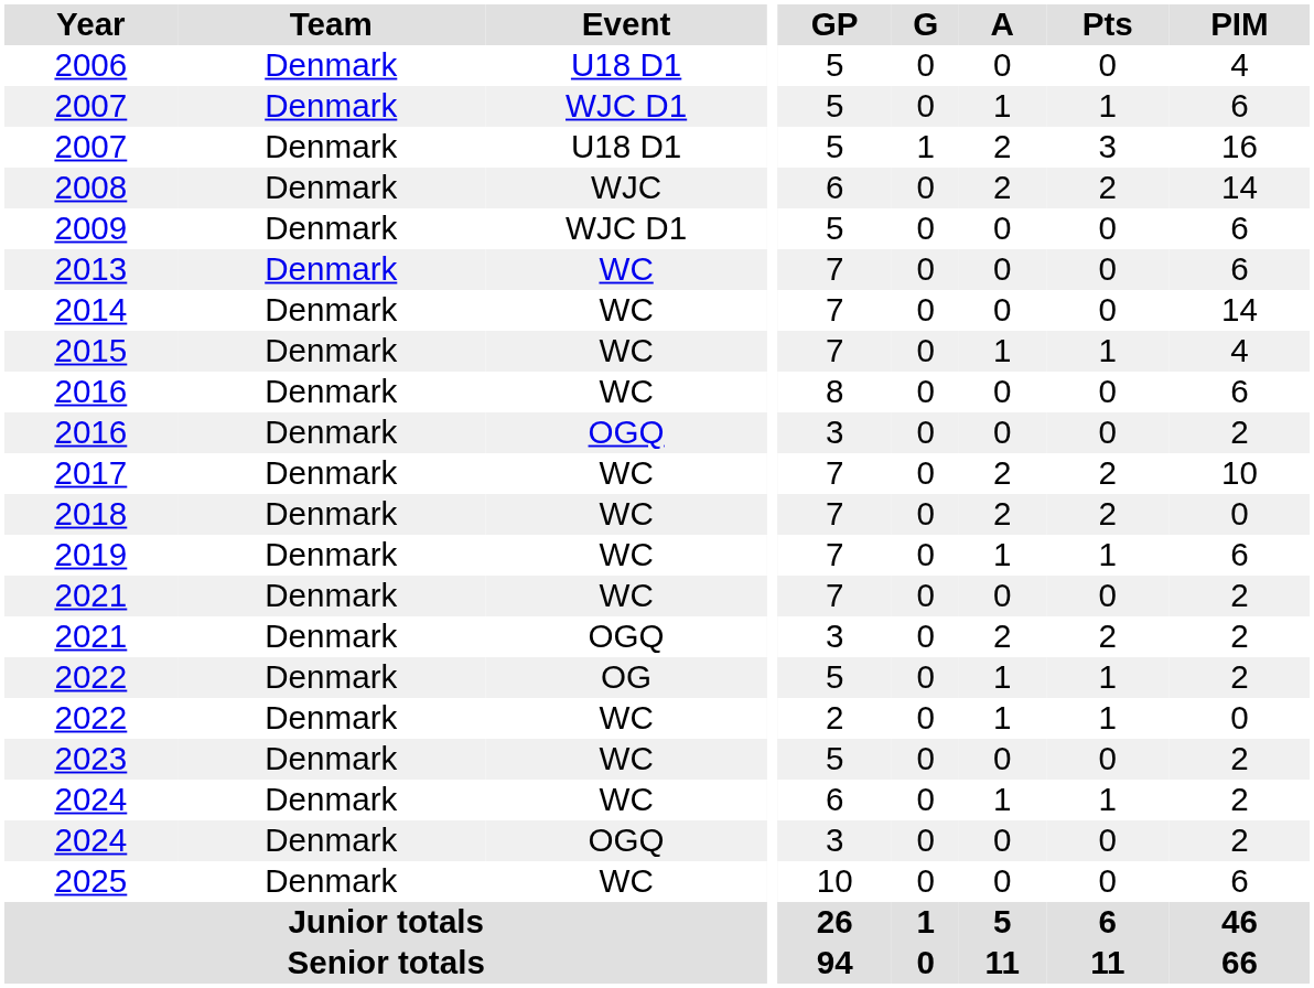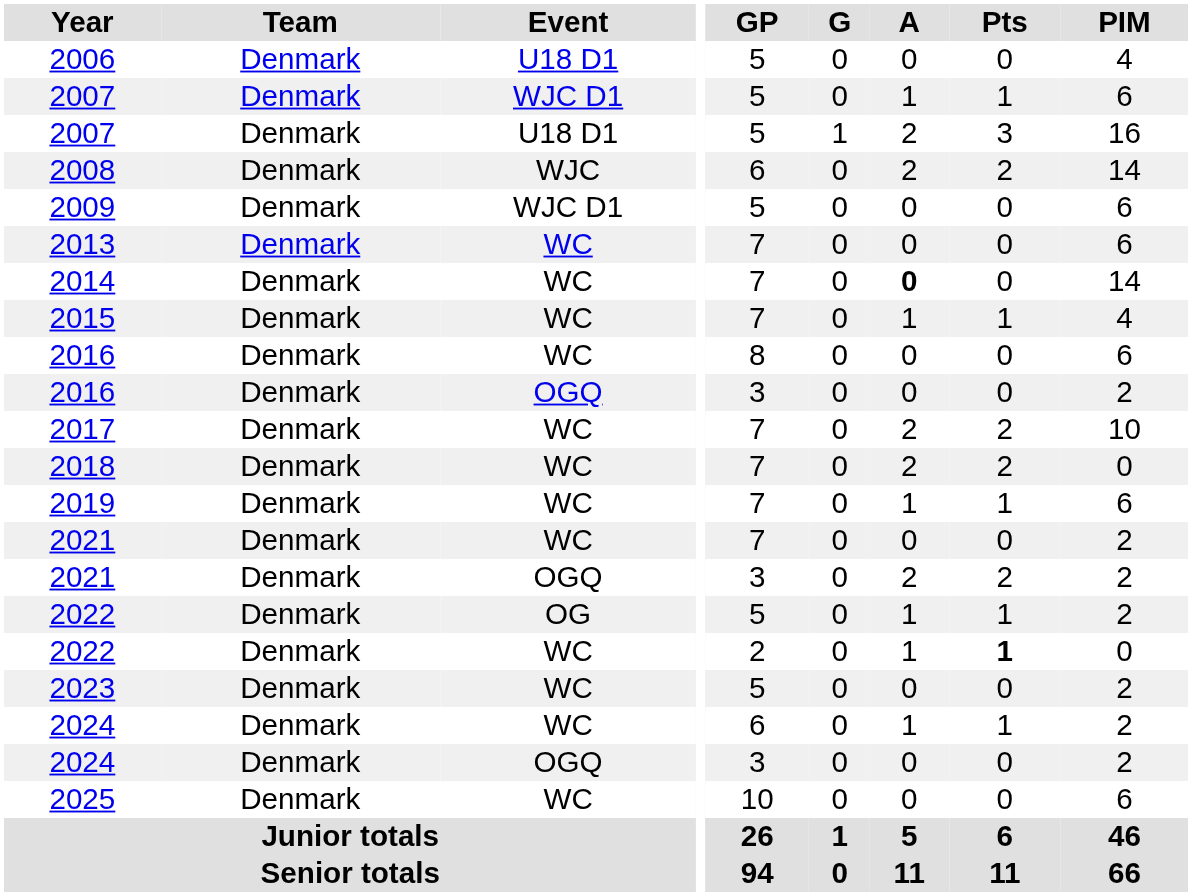 <table border="0" cellpadding="1" cellspacing="0" ID="Table3" style="text-align:center; width:40em">
 <tr ALIGN="center" bgcolor="#e0e0e0">
 <th>Year</th>
 <th>Team</th>
 <th>Event</th>
 <th rowspan="99" bgcolor="#ffffff"></th>
 <th>GP</th>
 <th>G</th>
 <th>A</th>
 <th>Pts</th>
 <th>PIM</th>
 </tr>
 <tr>
 <td><a href='#'>2006</a></td>
 <td><a href='#'>Denmark</a></td>
 <td><a href='#'>U18 D1</a></td>
 <td>5</td>
 <td>0</td>
 <td>0</td>
 <td>0</td>
 <td>4</td>
 </tr>
 <tr bgcolor="#f0f0f0">
 <td><a href='#'>2007</a></td>
 <td><a href='#'>Denmark</a></td>
 <td><a href='#'>WJC D1</a></td>
 <td>5</td>
 <td>0</td>
 <td>1</td>
 <td>1</td>
 <td>6</td>
 </tr>
 <tr>
 <td><a href='#'>2007</a></td>
 <td>Denmark</td>
 <td>U18 D1</td>
 <td>5</td>
 <td>1</td>
 <td>2</td>
 <td>3</td>
 <td>16</td>
 </tr>
 <tr bgcolor="#f0f0f0">
 <td><a href='#'>2008</a></td>
 <td>Denmark</td>
 <td>WJC</td>
 <td>6</td>
 <td>0</td>
 <td>2</td>
 <td>2</td>
 <td>14</td>
 </tr>
 <tr>
 <td><a href='#'>2009</a></td>
 <td>Denmark</td>
 <td>WJC D1</td>
 <td>5</td>
 <td>0</td>
 <td>0</td>
 <td>0</td>
 <td>6</td>
 </tr>
 <tr bgcolor="#f0f0f0">
 <td><a href='#'>2013</a></td>
 <td><a href='#'>Denmark</a></td>
 <td><a href='#'>WC</a></td>
 <td>7</td>
 <td>0</td>
 <td>0</td>
 <td>0</td>
 <td>6</td>
 </tr>
 <tr>
 <td><a href='#'>2014</a></td>
 <td>Denmark</td>
 <td>WC</td>
 <td>7</td>
 <td>0</td>
-<td>0</td>
+<td><strong>0</strong></td>
 <td>0</td>
 <td>14</td>
 </tr>
 <tr bgcolor="#f0f0f0">
 <td><a href='#'>2015</a></td>
 <td>Denmark</td>
 <td>WC</td>
 <td>7</td>
 <td>0</td>
 <td>1</td>
 <td>1</td>
 <td>4</td>
 </tr>
 <tr>
 <td><a href='#'>2016</a></td>
 <td>Denmark</td>
 <td>WC</td>
 <td>8</td>
 <td>0</td>
 <td>0</td>
 <td>0</td>
 <td>6</td>
 </tr>
 <tr bgcolor="#f0f0f0">
 <td><a href='#'>2016</a></td>
 <td>Denmark</td>
 <td><a href='#'>OGQ</a></td>
 <td>3</td>
 <td>0</td>
 <td>0</td>
 <td>0</td>
 <td>2</td>
 </tr>
 <tr>
 <td><a href='#'>2017</a></td>
 <td>Denmark</td>
 <td>WC</td>
 <td>7</td>
 <td>0</td>
 <td>2</td>
 <td>2</td>
 <td>10</td>
 </tr>
 <tr bgcolor="#f0f0f0">
 <td><a href='#'>2018</a></td>
 <td>Denmark</td>
 <td>WC</td>
 <td>7</td>
 <td>0</td>
 <td>2</td>
 <td>2</td>
 <td>0</td>
 </tr>
 <tr>
 <td><a href='#'>2019</a></td>
 <td>Denmark</td>
 <td>WC</td>
 <td>7</td>
 <td>0</td>
 <td>1</td>
 <td>1</td>
 <td>6</td>
 </tr>
 <tr bgcolor="#f0f0f0">
 <td><a href='#'>2021</a></td>
 <td>Denmark</td>
 <td>WC</td>
 <td>7</td>
 <td>0</td>
 <td>0</td>
 <td>0</td>
 <td>2</td>
 </tr>
 <tr>
 <td><a href='#'>2021</a></td>
 <td>Denmark</td>
 <td>OGQ</td>
 <td>3</td>
 <td>0</td>
 <td>2</td>
 <td>2</td>
 <td>2</td>
 </tr>
 <tr bgcolor="#f0f0f0">
 <td><a href='#'>2022</a></td>
 <td>Denmark</td>
 <td>OG</td>
 <td>5</td>
 <td>0</td>
 <td>1</td>
 <td>1</td>
 <td>2</td>
 </tr>
 <tr>
 <td><a href='#'>2022</a></td>
 <td>Denmark</td>
 <td>WC</td>
 <td>2</td>
 <td>0</td>
 <td>1</td>
-<td>1</td>
+<td><strong>1</strong></td>
 <td>0</td>
 </tr>
 <tr bgcolor="#f0f0f0">
 <td><a href='#'>2023</a></td>
 <td>Denmark</td>
 <td>WC</td>
 <td>5</td>
 <td>0</td>
 <td>0</td>
 <td>0</td>
 <td>2</td>
 </tr>
 <tr>
 <td><a href='#'>2024</a></td>
 <td>Denmark</td>
 <td>WC</td>
 <td>6</td>
 <td>0</td>
 <td>1</td>
 <td>1</td>
 <td>2</td>
 </tr>
 <tr bgcolor="#f0f0f0">
 <td><a href='#'>2024</a></td>
 <td>Denmark</td>
 <td>OGQ</td>
 <td>3</td>
 <td>0</td>
 <td>0</td>
 <td>0</td>
 <td>2</td>
 </tr>
 <tr>
 <td><a href='#'>2025</a></td>
 <td>Denmark</td>
 <td>WC</td>
 <td>10</td>
 <td>0</td>
 <td>0</td>
 <td>0</td>
 <td>6</td>
 </tr>
 <tr bgcolor="#e0e0e0">
 <th colspan=3>Junior totals</th>
 <th>26</th>
 <th>1</th>
 <th>5</th>
 <th>6</th>
 <th>46</th>
 </tr>
 <tr bgcolor="#e0e0e0">
 <th colspan=3>Senior totals</th>
 <th>94</th>
 <th>0</th>
 <th>11</th>
 <th>11</th>
 <th>66</th>
 </tr>
 </table>
